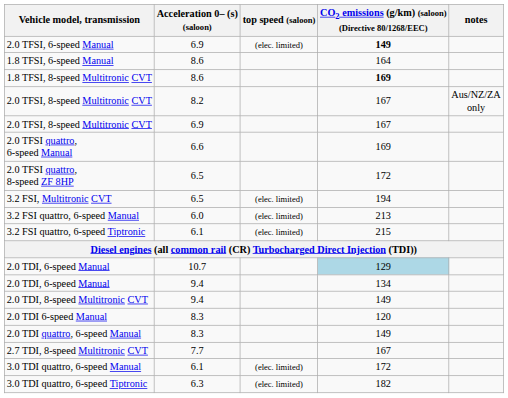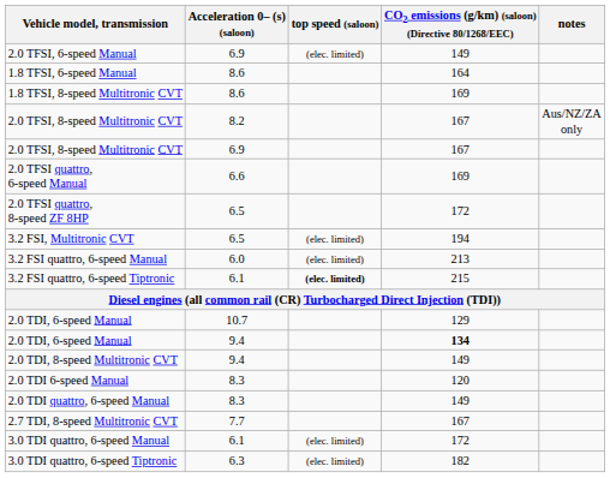 <table class="wikitable sticky-header" style="text-align: center; font-size: 90%">
 <tr>
 <th>Vehicle model, transmission</th>
 <th>Acceleration 0– (s)<br><small>(saloon)</small></th>
 <th>top speed <small>(saloon)</small></th>
 <th><a href='#'>CO<sub>2</sub> emissions</a> (g/km) <small>(saloon)<br>(Directive 80/1268/EEC)</small></th>
 <th>notes</th>
 </tr>
 <tr>
 <td style="text-align:left;">2.0 TFSI, 6-speed <a href='#'>Manual</a></td>
 <td>6.9</td>
 <td> <small>(elec. limited)</small></td>
-<td><strong>149</strong></td>
+<td>149</td>
 <td></td>
 </tr>
 <tr>
 <td style="text-align:left;">1.8 TFSI, 6-speed <a href='#'>Manual</a></td>
 <td>8.6</td>
 <td></td>
 <td>164</td>
 <td></td>
 </tr>
 <tr>
 <td style="text-align:left;">1.8 TFSI, 8-speed <a href='#'>Multitronic</a> <a href='#'>CVT</a></td>
 <td>8.6</td>
 <td></td>
-<td><strong>169</strong></td>
+<td>169</td>
 <td></td>
 </tr>
 <tr>
 <td style="text-align:left;">2.0 TFSI, 8-speed <a href='#'>Multitronic</a> <a href='#'>CVT</a></td>
 <td>8.2</td>
 <td></td>
 <td>167</td>
 <td>Aus/NZ/ZA<br>only</td>
 </tr>
 <tr>
 <td style="text-align:left;">2.0 TFSI, 8-speed <a href='#'>Multitronic</a> <a href='#'>CVT</a></td>
 <td>6.9</td>
 <td></td>
 <td>167</td>
 <td></td>
 </tr>
 <tr>
 <td style="text-align:left;">2.0 TFSI <a href='#'>quattro</a>,<br>6-speed <a href='#'>Manual</a></td>
 <td>6.6</td>
 <td></td>
 <td>169</td>
 <td></td>
 </tr>
 <tr>
 <td style="text-align:left;">2.0 TFSI <a href='#'>quattro</a>,<br>8-speed <a href='#'>ZF 8HP</a></td>
 <td>6.5</td>
 <td></td>
 <td>172</td>
 <td></td>
 </tr>
 <tr>
 <td style="text-align:left;">3.2 FSI, <a href='#'>Multitronic</a> <a href='#'>CVT</a></td>
 <td>6.5</td>
 <td> <small>(elec. limited)</small></td>
 <td>194</td>
 <td></td>
 </tr>
 <tr>
 <td style="text-align:left;">3.2 FSI quattro, 6-speed <a href='#'>Manual</a></td>
 <td>6.0</td>
 <td> <small>(elec. limited)</small></td>
 <td>213</td>
 <td></td>
 </tr>
 <tr>
 <td style="text-align:left;">3.2 FSI quattro, 6-speed <a href='#'>Tiptronic</a></td>
 <td>6.1</td>
-<td> <small>(elec. limited)</small></td>
+<td><strong> <small>(elec. limited)</small></strong></td>
 <td>215</td>
 <td></td>
 </tr>
 <tr>
 <th colspan=5><a href='#'>Diesel engines</a> (all <a href='#'>common rail</a> (CR) <a href='#'>Turbocharged Direct Injection</a> (TDI))</th>
 </tr>
 <tr>
 <td style="text-align:left;">2.0 TDI, 6-speed <a href='#'>Manual</a></td>
 <td>10.7</td>
 <td></td>
-<td style="background: lightblue;">129</td>
+<td>129</td>
 <td></td>
 </tr>
 <tr>
 <td style="text-align:left;">2.0 TDI, 6-speed <a href='#'>Manual</a></td>
 <td>9.4</td>
 <td></td>
-<td>134</td>
+<td><strong>134</strong></td>
 <td></td>
 </tr>
 <tr>
 <td style="text-align:left;">2.0 TDI, 8-speed <a href='#'>Multitronic</a> <a href='#'>CVT</a></td>
 <td>9.4</td>
 <td></td>
 <td>149</td>
 <td></td>
 </tr>
 <tr>
 <td style="text-align:left;">2.0 TDI 6-speed <a href='#'>Manual</a></td>
 <td>8.3</td>
 <td></td>
 <td>120</td>
 <td></td>
 </tr>
 <tr>
 <td style="text-align:left;">2.0 TDI <a href='#'>quattro</a>, 6-speed <a href='#'>Manual</a></td>
 <td>8.3</td>
 <td></td>
 <td>149</td>
 <td></td>
 </tr>
 <tr>
 <td style="text-align:left;">2.7 TDI, 8-speed <a href='#'>Multitronic</a> <a href='#'>CVT</a></td>
 <td>7.7</td>
 <td></td>
 <td>167</td>
 <td></td>
 </tr>
 <tr>
 <td style="text-align:left;">3.0 TDI quattro, 6-speed <a href='#'>Manual</a></td>
 <td>6.1</td>
 <td> <small>(elec. limited)</small></td>
 <td>172</td>
 <td></td>
 </tr>
 <tr>
 <td style="text-align:left;">3.0 TDI quattro, 6-speed <a href='#'>Tiptronic</a></td>
 <td>6.3</td>
 <td> <small>(elec. limited)</small></td>
 <td>182</td>
 <td></td>
 </tr>
 </table>
